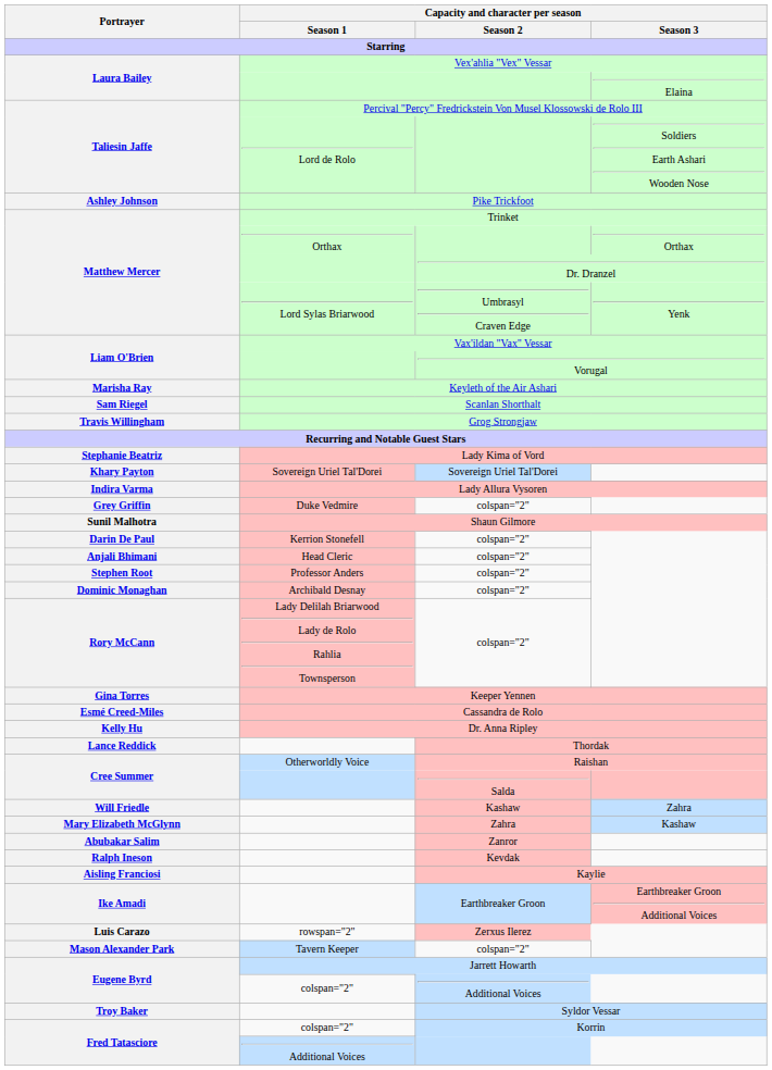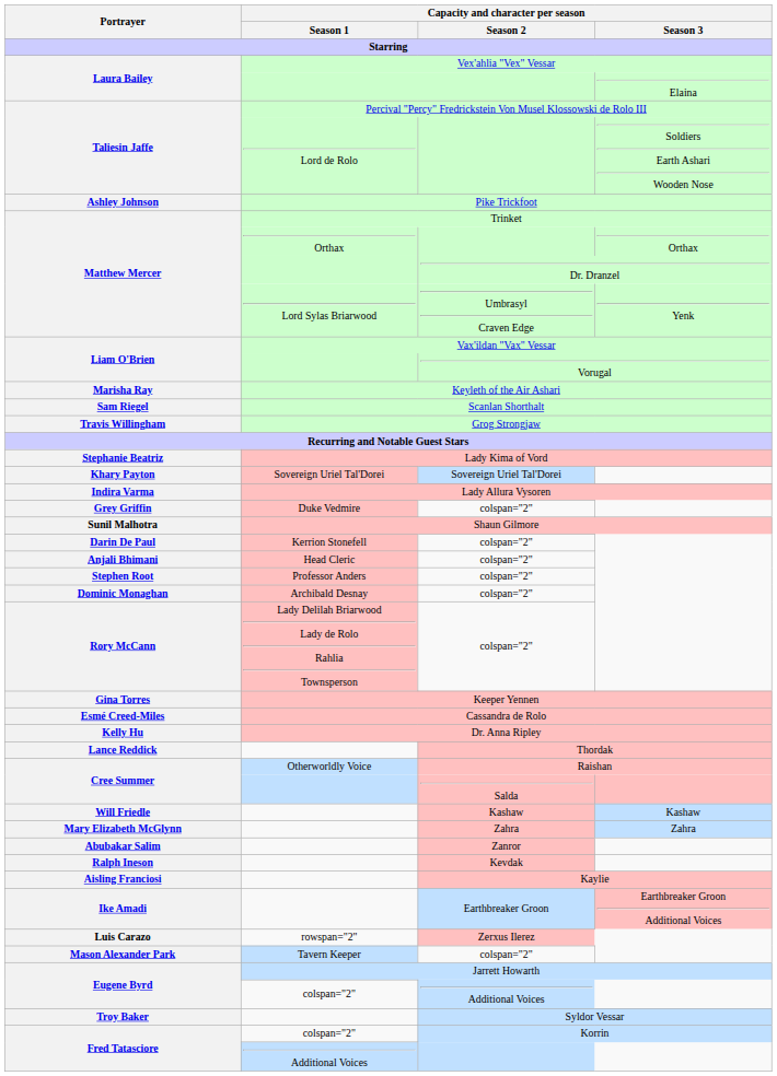 <table class="wikitable plainrowheaders" style="text-align:center;">
 <tr>
 <th scope="col" rowspan="2" style="width:20%;">Portrayer</th>
 <th colspan="3" scope="col">Capacity and character per season</th>
 </tr>
 <tr>
 <th style="width:15%;">Season 1</th>
 <th style="width:15%;">Season 2</th>
 <th style="width:15%;">Season 3</th>
 </tr>
 <tr>
 <th colspan="4" style="background:#ccf;">Starring</th>
 </tr>
 <tr>
 <th rowspan="2"><a href='#'>Laura Bailey</a></th>
 <td colspan="3" style="border-style: solid none none solid; background: #CCFFCC;"><a href='#'>Vex'ahlia "Vex" Vessar</a></td>
 </tr>
 <tr>
 <td colspan="2"  style="border-style: none none solid solid; background: #CCFFCC;"></td>
 <td scope="col"  style="border-style: none none solid solid; background: #CCFFCC;"><hr> Elaina</td>
 </tr>
 <tr>
 <th rowspan="2"><a href='#'>Taliesin Jaffe</a></th>
 <td colspan="3" style="border-style: solid none none solid; background: #CCFFCC;"><a href='#'>Percival "Percy" Fredrickstein Von Musel Klossowski de Rolo III</a></td>
 </tr>
 <tr>
 <td scope="col"  style="border-style: none solid solid solid; background: #CCFFCC;"><hr> Lord de Rolo</td>
 <td scope="col"  style="border-style: none solid solid solid; background: #CCFFCC;"></td>
 <td scope="col"  style="border-style: none none solid none; background: #CCFFCC;"><hr> Soldiers <hr> Earth Ashari <hr> Wooden Nose</td>
 </tr>
 <tr>
 <th><a href='#'>Ashley Johnson</a></th>
 <td colspan="3" style="border-style: none none solid solid; background: #CCFFCC;"><a href='#'>Pike Trickfoot</a></td>
 </tr>
 <tr>
 <th rowspan="4"><a href='#'>Matthew Mercer</a></th>
 <td colspan="3" style="border-style: solid none none solid; background: #CCFFCC;">Trinket </td>
 </tr>
 <tr>
 <td scope="col"  style="border-style: none solid none solid; background: #CCFFCC;"><hr> Orthax</td>
 <td scope="col"  style="border-style: none solid none solid; background: #CCFFCC;"></td>
 <td scope="col"  style="border-style: none solid none solid; background: #CCFFCC;"><hr> Orthax</td>
 </tr>
 <tr>
 <td scope="col"  style="border-style: none solid none solid; background: #CCFFCC;"></td>
 <td colspan="2" style="border-style: none none none none; background: #CCFFCC;"><hr> Dr. Dranzel</td>
 </tr>
 <tr>
 <td scope="col"  style="border-style: none solid none solid; background: #CCFFCC;"><hr> Lord Sylas Briarwood</td>
 <td scope="col"  style="border-style: none solid none solid ; background: #CCFFCC;"><hr> Umbrasyl <hr> Craven Edge</td>
 <td scope="col"  style="border-style: none none none solid ; background: #CCFFCC;"><hr> Yenk</td>
 </tr>
 <tr>
 <th rowspan="2"><a href='#'>Liam O'Brien</a></th>
 <td colspan="3" style="border-style: solid none none solid; background: #CCFFCC;"><a href='#'>Vax'ildan "Vax" Vessar</a></td>
 </tr>
 <tr>
 <td scope="col"  style="border-style: none none none solid; background: #CCFFCC;"></td>
 <td colspan="2" style="border-style: none none none solid; background: #CCFFCC;"><hr> Vorugal</td>
 </tr>
 <tr>
 <th><a href='#'>Marisha Ray</a></th>
 <td colspan="3" style="border-style: solid none none solid; background: #CCFFCC;"><a href='#'>Keyleth of the Air Ashari</a></td>
 </tr>
 <tr>
 <th><a href='#'>Sam Riegel</a></th>
 <td colspan="3" style="border-style: solid none none solid; background: #CCFFCC;"><a href='#'>Scanlan Shorthalt</a></td>
 </tr>
 <tr>
 <th><a href='#'>Travis Willingham</a></th>
 <td colspan="3" style="border-style: solid none none solid; background: #CCFFCC;"><a href='#'>Grog Strongjaw</a></td>
 </tr>
 <tr>
 <th colspan="5" style="background:#ccf;">Recurring and Notable Guest Stars</th>
 </tr>
 <tr>
 <th><a href='#'>Stephanie Beatriz</a></th>
 <td colspan="3" style="border-style: solid none none solid; background: #FFC0C0;">Lady Kima of Vord</td>
 </tr>
 <tr>
 <th><a href='#'>Khary Payton</a></th>
 <td scope="col" style="border-style: solid none none solid; background: #FFC0C0;">Sovereign Uriel Tal'Dorei</td>
 <td scope="col" style="border-style: solid none none solid; background: #C0E0FF;">Sovereign Uriel Tal'Dorei</td>
 <td></td>
 </tr>
 <tr>
 <th><a href='#'>Indira Varma</a></th>
 <td colspan="3" style="border-style: solid none none solid; background: #FFC0C0;">Lady Allura Vysoren</td>
 </tr>
 <tr>
 <th><a href='#'>Grey Griffin</a></th>
 <td scope="col" style="border-style: solid none none solid; background: #FFC0C0;">Duke Vedmire</td>
 <td>colspan="2" </td>
 </tr>
 <tr>
 <th>Sunil Malhotra</th>
 <td colspan="3" style="border-style: solid none none solid; background: #FFC0C0;">Shaun Gilmore</td>
 </tr>
 <tr>
 <th><a href='#'>Darin De Paul</a></th>
 <td scope="col" style="border-style: solid none none solid; background: #FFC0C0;">Kerrion Stonefell</td>
 <td>colspan="2" </td>
 </tr>
 <tr>
 <th><a href='#'>Anjali Bhimani</a></th>
 <td scope="col" style="border-style: solid none none solid; background: #FFC0C0;">Head Cleric</td>
 <td>colspan="2" </td>
 </tr>
 <tr>
 <th><a href='#'>Stephen Root</a></th>
 <td scope="col" style="border-style: solid none none solid; background: #FFC0C0;">Professor Anders</td>
 <td>colspan="2" </td>
 </tr>
 <tr>
 <th><a href='#'>Dominic Monaghan</a></th>
 <td scope="col" style="border-style: solid none none solid; background: #FFC0C0;">Archibald Desnay</td>
 <td>colspan="2" </td>
 </tr>
 <tr>
 <th><a href='#'>Rory McCann</a></th>
 <td scope="col" style="border-style: solid none none solid; background: #FFC0C0;">Lady Delilah Briarwood <hr> Lady de Rolo <hr> Rahlia <hr> Townsperson</td>
 <td>colspan="2" </td>
 </tr>
 <tr>
 <th><a href='#'>Gina Torres</a></th>
 <td colspan="3" style="border-style: solid none none solid; background: #FFC0C0;">Keeper Yennen</td>
 </tr>
 <tr>
 <th><a href='#'>Esmé Creed-Miles</a></th>
 <td colspan="3" style="border-style: solid none none solid; background: #FFC0C0;">Cassandra de Rolo</td>
 </tr>
 <tr>
 <th><a href='#'>Kelly Hu</a></th>
 <td colspan="3" style="border-style: solid none none solid; background: #FFC0C0;">Dr. Anna Ripley</td>
 </tr>
 <tr>
 <th><a href='#'>Lance Reddick</a></th>
 <td></td>
 <td colspan="2" style="border-style: solid none none solid; background: #FFC0C0;">Thordak</td>
 </tr>
 <tr>
 <th rowspan="2"><a href='#'>Cree Summer</a></th>
 <td scope="col" style="border-style: solid none none solid; background: #C0E0FF;">Otherworldly Voice</td>
 <td colspan="2" style="border-style: solid none none solid; background: #FFC0C0;">Raishan</td>
 </tr>
 <tr>
 <td scope="col" style="border-style: none none none solid; background: #C0E0FF;"></td>
 <td scope="col" style="border-style: none none none solid; background: #FFC0C0;"><hr> Salda</td>
 <td scope="col" style="border-style: none none none solid; background: #FFC0C0;"></td>
 </tr>
 <tr>
 <th><a href='#'>Will Friedle</a></th>
 <td></td>
 <td scope="col" style="border-style: solid none none solid; background: #FFC0C0;">Kashaw</td>
-<td scope="col" style="border-style: solid none none solid; background: #C0E0FF;">Zahra</td>
+<td scope="col" style="border-style: solid none none solid; background: #C0E0FF;">Kashaw</td>
 </tr>
 <tr>
 <th><a href='#'>Mary Elizabeth McGlynn</a></th>
 <td></td>
 <td scope="col" style="border-style: solid none none solid; background: #FFC0C0;">Zahra</td>
-<td scope="col" style="border-style: solid none none solid; background: #C0E0FF;">Kashaw</td>
+<td scope="col" style="border-style: solid none none solid; background: #C0E0FF;">Zahra</td>
 </tr>
 <tr>
 <th><a href='#'>Abubakar Salim</a></th>
 <td></td>
 <td scope="col" style="border-style: solid none none solid; background: #FFC0C0;">Zanror</td>
 <td></td>
 </tr>
 <tr>
 <th><a href='#'>Ralph Ineson</a></th>
 <td></td>
 <td scope="col" style="border-style: solid none none solid; background: #FFC0C0;">Kevdak</td>
 <td></td>
 </tr>
 <tr>
 <th><a href='#'>Aisling Franciosi</a></th>
 <td></td>
 <td colspan="2" style="border-style: solid none none solid; background: #FFC0C0;">Kaylie</td>
 </tr>
 <tr>
 <th><a href='#'>Ike Amadi</a></th>
 <td></td>
 <td scope="col" style="border-style: solid none none solid; background: #C0E0FF;">Earthbreaker Groon</td>
 <td scope="col" style="border-style: solid none none solid; background: #FFC0C0;">Earthbreaker Groon <hr> Additional Voices</td>
 </tr>
 <tr>
 <th>Luis Carazo</th>
 <td>rowspan="2" </td>
 <td scope="col" style="border-style: solid none none solid; background: #FFC0C0;">Zerxus Ilerez</td>
 </tr>
 <tr>
 <th><a href='#'>Mason Alexander Park</a></th>
 <td scope="col" style="border-style: solid none none solid; background: #C0E0FF;">Tavern Keeper</td>
 <td>colspan="2" </td>
 </tr>
 <tr>
 <th rowspan="2"><a href='#'>Eugene Byrd</a></th>
 <td colspan="3" style="border-style: solid none none solid; background: #C0E0FF;">Jarrett Howarth</td>
 </tr>
 <tr>
 <td>colspan="2" </td>
 <td scope="col" style="border-style: none none none solid; background: #C0E0FF;"><hr> Additional Voices</td>
 </tr>
 <tr>
 <th><a href='#'>Troy Baker</a></th>
 <td></td>
 <td colspan="2" style="border-style: solid none none solid; background: #C0E0FF;">Syldor Vessar</td>
 </tr>
 <tr>
 <th rowspan="2"><a href='#'>Fred Tatasciore</a></th>
 <td>colspan="2" </td>
 <td colspan="2" style="border-style: solid none none solid; background: #C0E0FF;">Korrin</td>
 </tr>
 <tr>
 <td scope="col" style="border-style: none none none solid; background: #C0E0FF;"><hr> Additional Voices</td>
 <td scope="col" style="border-style: none none none solid; background: #C0E0FF;"></td>
 </tr>
 </table>
